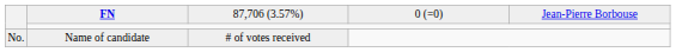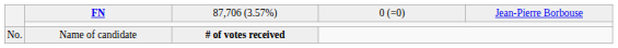 <table class="wikitable collapsible collapsed" style=text-align:left;font-size:90%>
 <tr>
 <th rowspan=2></th>
 <td bgcolor=efefef width=200 align=center><strong> <a href='#'>FN</a> </strong></td>
 <td bgcolor=efefef width=200 align=center>87,706 (3.57%)</td>
 <td bgcolor=efefef width=200 align=center>0 (=0)</td>
 <td bgcolor=efefef width=200 align=center><a href='#'>Jean-Pierre Borbouse</a></td>
 </tr>
 <tr>
 <td colspan=4 bgcolor=></td>
 </tr>
 <tr>
 <td bgcolor=efefef align=center>No.</td>
 <td bgcolor=efefef align=center>Name of candidate</td>
-<td bgcolor=efefef align=center># of votes received</td>
+<td bgcolor=efefef align=center><strong># of votes received</strong></td>
 </tr>
 </table>
